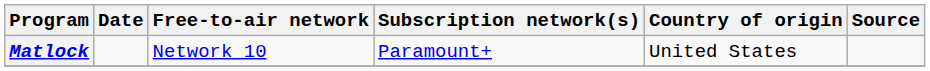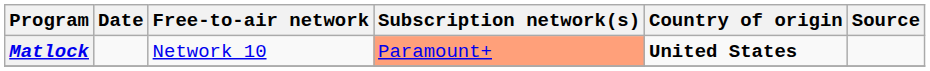 <table class="wikitable plainrowheaders sortable" style="text-align:left">
 <tr>
 <th scope="col">Program</th>
 <th scope="col">Date</th>
 <th scope="col">Free-to-air network</th>
 <th scope="col">Subscription network(s)</th>
 <th scope="col">Country of origin</th>
 <th scope="col" class="unsortable">Source</th>
 </tr>
 <tr>
 <th scope="row"><em><a href='#'>Matlock</a></em></th>
 <td></td>
 <td><a href='#'>Network 10</a></td>
-<td><a href='#'>Paramount+</a></td>
-<td>United States</td>
+<td style="background: lightsalmon;"><a href='#'>Paramount+</a></td>
+<td><strong>United States</strong></td>
 <td></td>
 </tr>
 <tr>
 </tr>
 </table>
